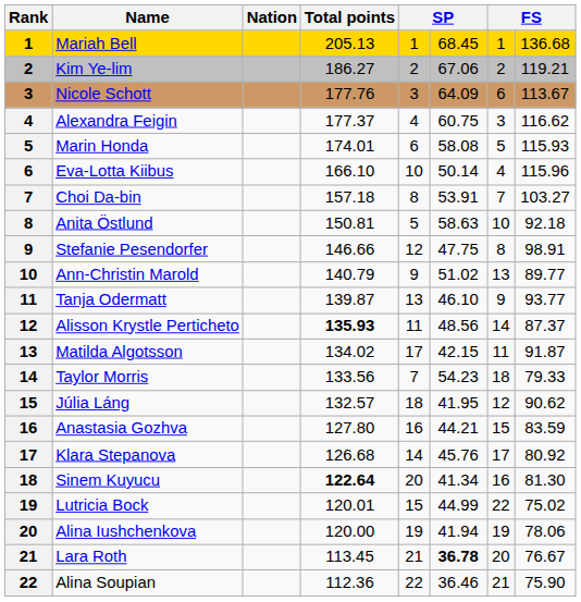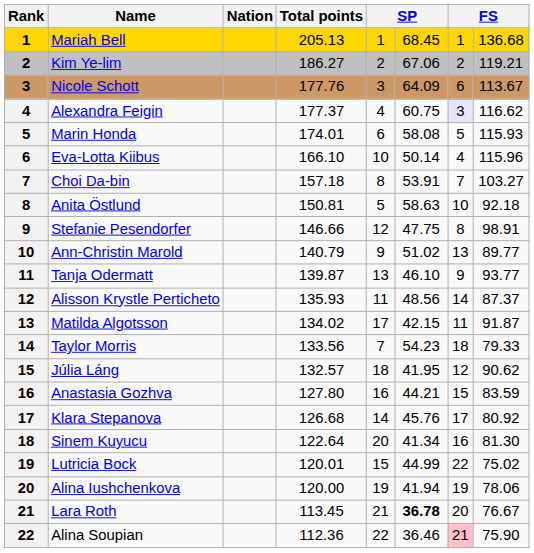 <table class="wikitable sortable">
 <tr>
 <th>Rank</th>
 <th>Name</th>
 <th>Nation</th>
 <th>Total points</th>
 <th colspan="2" width="80px"><a href='#'>SP</a></th>
 <th colspan="2" width="80px"><a href='#'>FS</a></th>
 </tr>
 <tr bgcolor="gold">
 <td align="center"><strong>1</strong></td>
 <td><a href='#'>Mariah Bell</a></td>
 <td></td>
 <td align="center">205.13</td>
 <td align="center">1</td>
 <td align="center">68.45</td>
 <td align="center">1</td>
 <td align="center">136.68</td>
 </tr>
 <tr bgcolor="silver">
 <td align="center"><strong>2</strong></td>
 <td><a href='#'>Kim Ye-lim</a></td>
 <td></td>
 <td align="center">186.27</td>
 <td align="center">2</td>
 <td align="center">67.06</td>
 <td align="center">2</td>
 <td align="center">119.21</td>
 </tr>
 <tr bgcolor="cc9966">
 <td align="center"><strong>3</strong></td>
 <td><a href='#'>Nicole Schott</a></td>
 <td></td>
 <td align="center">177.76</td>
 <td align="center">3</td>
 <td align="center">64.09</td>
 <td align="center">6</td>
 <td align="center">113.67</td>
 </tr>
 <tr>
 <th>4</th>
 <td><a href='#'>Alexandra Feigin</a></td>
 <td></td>
 <td align="center">177.37</td>
 <td align="center">4</td>
 <td align="center">60.75</td>
-<td align="center">3</td>
+<td align="center" style="background: lavender;">3</td>
 <td align="center">116.62</td>
 </tr>
 <tr>
 <th>5</th>
 <td><a href='#'>Marin Honda</a></td>
 <td></td>
 <td align="center">174.01</td>
 <td align="center">6</td>
 <td align="center">58.08</td>
 <td align="center">5</td>
 <td align="center">115.93</td>
 </tr>
 <tr>
 <th>6</th>
 <td><a href='#'>Eva-Lotta Kiibus</a></td>
 <td></td>
 <td align="center">166.10</td>
 <td align="center">10</td>
 <td align="center">50.14</td>
 <td align="center">4</td>
 <td align="center">115.96</td>
 </tr>
 <tr>
 <th>7</th>
 <td><a href='#'>Choi Da-bin</a></td>
 <td></td>
 <td align="center">157.18</td>
 <td align="center">8</td>
 <td align="center">53.91</td>
 <td align="center">7</td>
 <td align="center">103.27</td>
 </tr>
 <tr>
 <th>8</th>
 <td><a href='#'>Anita Östlund</a></td>
 <td></td>
 <td align="center">150.81</td>
 <td align="center">5</td>
 <td align="center">58.63</td>
 <td align="center">10</td>
 <td align="center">92.18</td>
 </tr>
 <tr>
 <th>9</th>
 <td><a href='#'>Stefanie Pesendorfer</a></td>
 <td></td>
 <td align="center">146.66</td>
 <td align="center">12</td>
 <td align="center">47.75</td>
 <td align="center">8</td>
 <td align="center">98.91</td>
 </tr>
 <tr>
 <th>10</th>
 <td><a href='#'>Ann-Christin Marold</a></td>
 <td></td>
 <td align="center">140.79</td>
 <td align="center">9</td>
 <td align="center">51.02</td>
 <td align="center">13</td>
 <td align="center">89.77</td>
 </tr>
 <tr>
 <th>11</th>
 <td><a href='#'>Tanja Odermatt</a></td>
 <td></td>
 <td align="center">139.87</td>
 <td align="center">13</td>
 <td align="center">46.10</td>
 <td align="center">9</td>
 <td align="center">93.77</td>
 </tr>
 <tr>
 <th>12</th>
 <td><a href='#'>Alisson Krystle Perticheto</a></td>
 <td></td>
-<td align="center"><strong>135.93</strong></td>
+<td align="center">135.93</td>
 <td align="center">11</td>
 <td align="center">48.56</td>
 <td align="center">14</td>
 <td align="center">87.37</td>
 </tr>
 <tr>
 <th>13</th>
 <td><a href='#'>Matilda Algotsson</a></td>
 <td></td>
 <td align="center">134.02</td>
 <td align="center">17</td>
 <td align="center">42.15</td>
 <td align="center">11</td>
 <td align="center">91.87</td>
 </tr>
 <tr>
 <th>14</th>
 <td><a href='#'>Taylor Morris</a></td>
 <td></td>
 <td align="center">133.56</td>
 <td align="center">7</td>
 <td align="center">54.23</td>
 <td align="center">18</td>
 <td align="center">79.33</td>
 </tr>
 <tr>
 <th>15</th>
 <td><a href='#'>Júlia Láng</a></td>
 <td></td>
 <td align="center">132.57</td>
 <td align="center">18</td>
 <td align="center">41.95</td>
 <td align="center">12</td>
 <td align="center">90.62</td>
 </tr>
 <tr>
 <th>16</th>
 <td><a href='#'>Anastasia Gozhva</a></td>
 <td></td>
 <td align="center">127.80</td>
 <td align="center">16</td>
 <td align="center">44.21</td>
 <td align="center">15</td>
 <td align="center">83.59</td>
 </tr>
 <tr>
 <th>17</th>
 <td><a href='#'>Klara Stepanova</a></td>
 <td></td>
 <td align="center">126.68</td>
 <td align="center">14</td>
 <td align="center">45.76</td>
 <td align="center">17</td>
 <td align="center">80.92</td>
 </tr>
 <tr>
 <th>18</th>
 <td><a href='#'>Sinem Kuyucu</a></td>
 <td></td>
-<td align="center"><strong>122.64</strong></td>
+<td align="center">122.64</td>
 <td align="center">20</td>
 <td align="center">41.34</td>
 <td align="center">16</td>
 <td align="center">81.30</td>
 </tr>
 <tr>
 <th>19</th>
 <td><a href='#'>Lutricia Bock</a></td>
 <td></td>
 <td align="center">120.01</td>
 <td align="center">15</td>
 <td align="center">44.99</td>
 <td align="center">22</td>
 <td align="center">75.02</td>
 </tr>
 <tr>
 <th>20</th>
 <td><a href='#'>Alina Iushchenkova</a></td>
 <td></td>
 <td align="center">120.00</td>
 <td align="center">19</td>
 <td align="center">41.94</td>
 <td align="center">19</td>
 <td align="center">78.06</td>
 </tr>
 <tr>
 <th>21</th>
 <td><a href='#'>Lara Roth</a></td>
 <td></td>
 <td align="center">113.45</td>
 <td align="center">21</td>
 <td align="center"><strong>36.78</strong></td>
 <td align="center">20</td>
 <td align="center">76.67</td>
 </tr>
 <tr>
 <th>22</th>
 <td>Alina Soupian</td>
 <td></td>
 <td align="center">112.36</td>
 <td align="center">22</td>
 <td align="center">36.46</td>
-<td align="center">21</td>
+<td align="center" style="background: pink;">21</td>
 <td align="center">75.90</td>
 </tr>
 </table>
